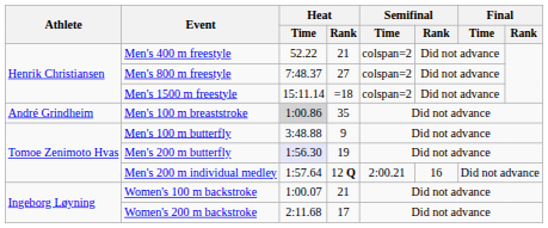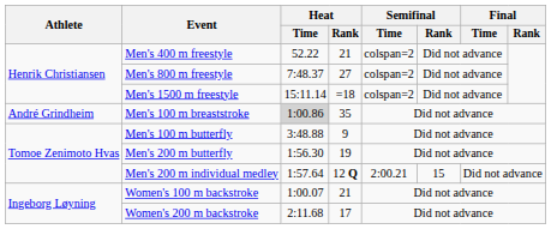 <table class=wikitable style="font-size:90%">
 <tr>
 <th rowspan="2">Athlete</th>
 <th rowspan="2">Event</th>
 <th colspan="2">Heat</th>
 <th colspan="2">Semifinal</th>
 <th colspan="2">Final</th>
 </tr>
 <tr style="font-size:95%">
 <th>Time</th>
 <th>Rank</th>
 <th>Time</th>
 <th>Rank</th>
 <th>Time</th>
 <th>Rank</th>
 </tr>
 <tr align=center>
 <td align=left rowspan=3><a href='#'>Henrik Christiansen</a></td>
 <td align=left><a href='#'>Men's 400 m freestyle</a></td>
 <td>52.22</td>
 <td>21</td>
 <td>colspan=2 </td>
 <td colspan="2">Did not advance</td>
 </tr>
 <tr align=center>
 <td align=left><a href='#'>Men's 800 m freestyle</a></td>
 <td>7:48.37</td>
 <td>27</td>
 <td>colspan=2 </td>
 <td colspan="2">Did not advance</td>
 </tr>
 <tr align=center>
 <td align=left><a href='#'>Men's 1500 m freestyle</a></td>
 <td>15:11.14</td>
 <td>=18</td>
 <td>colspan=2 </td>
 <td colspan="2">Did not advance</td>
 </tr>
 <tr align=center>
 <td align=left><a href='#'>André Grindheim</a></td>
 <td align=left><a href='#'>Men's 100 m breaststroke</a></td>
 <td style="background: lightgrey;">1:00.86</td>
 <td>35</td>
 <td colspan="4">Did not advance</td>
 </tr>
 <tr align=center>
 <td align=left rowspan=3><a href='#'>Tomoe Zenimoto Hvas</a></td>
 <td align=left><a href='#'>Men's 100 m butterfly</a></td>
 <td>3:48.88</td>
 <td>9</td>
 <td colspan="4">Did not advance</td>
 </tr>
 <tr align=center>
 <td align=left><a href='#'>Men's 200 m butterfly</a></td>
-<td style="background: lavender;">1:56.30</td>
+<td>1:56.30</td>
 <td>19</td>
 <td colspan="4">Did not advance</td>
 </tr>
 <tr align=center>
 <td align=left><a href='#'>Men's 200 m individual medley</a></td>
 <td>1:57.64</td>
 <td>12 <strong>Q</strong></td>
 <td>2:00.21</td>
-<td>16</td>
+<td>15</td>
 <td colspan="2">Did not advance</td>
 </tr>
 <tr align=center>
 <td align=left rowspan=2><a href='#'>Ingeborg Løyning</a></td>
 <td align=left><a href='#'>Women's 100 m backstroke</a></td>
 <td>1:00.07</td>
 <td>21</td>
 <td colspan="4">Did not advance</td>
 </tr>
 <tr align=center>
 <td align=left><a href='#'>Women's 200 m backstroke</a></td>
 <td>2:11.68</td>
 <td>17</td>
 <td colspan="4">Did not advance</td>
 </tr>
 </table>
